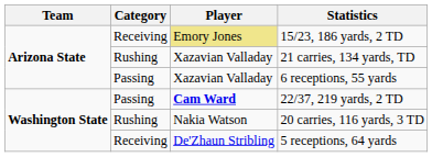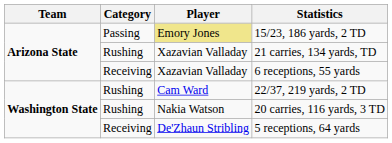 <table class="wikitable" style="float: right;">
 <tr>
 <th>Team</th>
 <th>Category</th>
 <th>Player</th>
 <th>Statistics</th>
 </tr>
 <tr>
 <td rowspan=3><strong>Arizona State</strong></td>
-<td>Receiving</td>
+<td>Passing</td>
 <td style="background: khaki;">Emory Jones</td>
 <td>15/23, 186 yards, 2 TD</td>
 </tr>
 <tr>
 <td>Rushing</td>
 <td>Xazavian Valladay</td>
 <td>21 carries, 134 yards, TD</td>
 </tr>
 <tr>
-<td>Passing</td>
+<td>Receiving</td>
 <td>Xazavian Valladay</td>
 <td>6 receptions, 55 yards</td>
 </tr>
 <tr>
 <td rowspan=3><strong>Washington State</strong></td>
-<td>Passing</td>
-<td><strong><a href='#'>Cam Ward</a></strong></td>
+<td>Rushing</td>
+<td><a href='#'>Cam Ward</a></td>
 <td>22/37, 219 yards, 2 TD</td>
 </tr>
 <tr>
 <td>Rushing</td>
 <td>Nakia Watson</td>
 <td>20 carries, 116 yards, 3 TD</td>
 </tr>
 <tr>
 <td>Receiving</td>
 <td><a href='#'>De'Zhaun Stribling</a></td>
 <td>5 receptions, 64 yards</td>
 </tr>
 </table>
